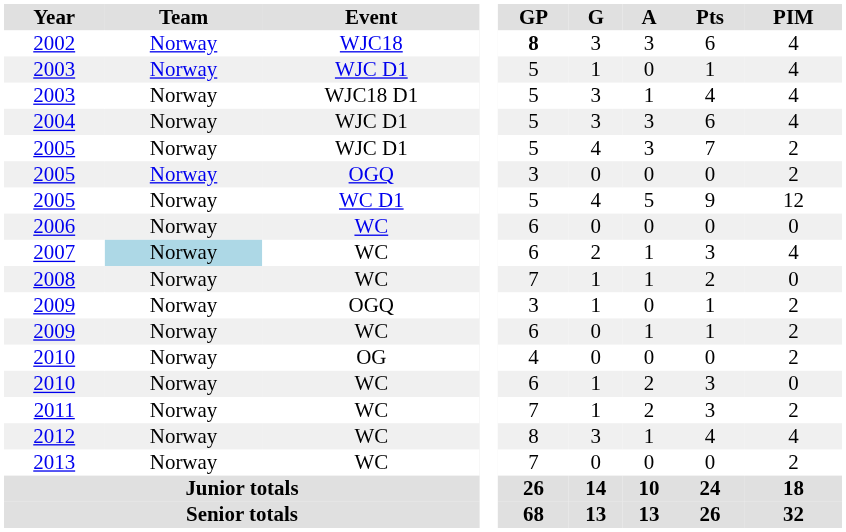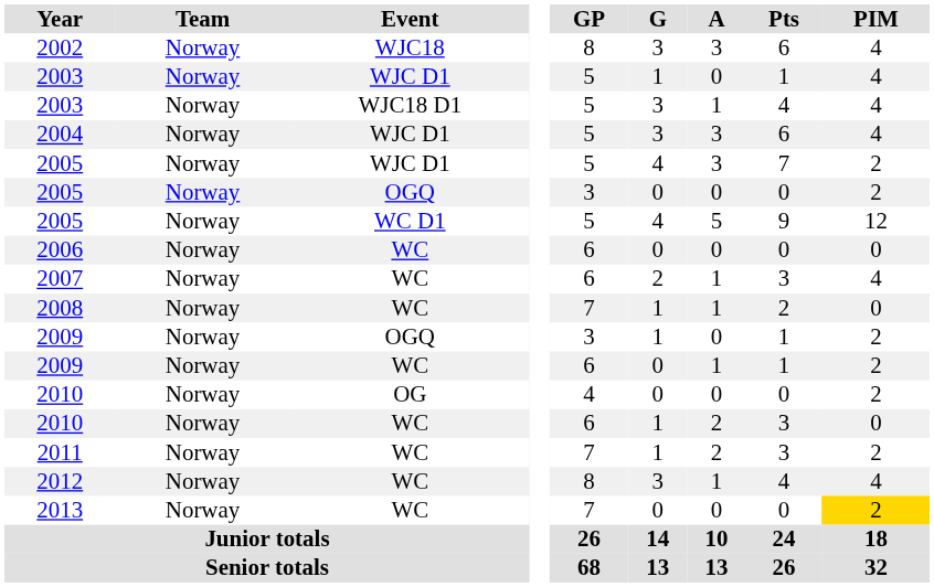 <table border="0" cellpadding="1" cellspacing="0" style="text-align:center; width:40em">
 <tr ALIGN="center" bgcolor="#e0e0e0">
 <th>Year</th>
 <th>Team</th>
 <th>Event</th>
 <th ALIGN="center" rowspan="99" bgcolor="#ffffff"> </th>
 <th>GP</th>
 <th>G</th>
 <th>A</th>
 <th>Pts</th>
 <th>PIM</th>
 </tr>
 <tr>
 <td><a href='#'>2002</a></td>
 <td><a href='#'>Norway</a></td>
 <td><a href='#'>WJC18</a></td>
-<td><strong>8</strong></td>
+<td>8</td>
 <td>3</td>
 <td>3</td>
 <td>6</td>
 <td>4</td>
 </tr>
 <tr bgcolor="#f0f0f0">
 <td><a href='#'>2003</a></td>
 <td><a href='#'>Norway</a></td>
 <td><a href='#'>WJC D1</a></td>
 <td>5</td>
 <td>1</td>
 <td>0</td>
 <td>1</td>
 <td>4</td>
 </tr>
 <tr>
 <td><a href='#'>2003</a></td>
 <td>Norway</td>
 <td>WJC18 D1</td>
 <td>5</td>
 <td>3</td>
 <td>1</td>
 <td>4</td>
 <td>4</td>
 </tr>
 <tr bgcolor="#f0f0f0">
 <td><a href='#'>2004</a></td>
 <td>Norway</td>
 <td>WJC D1</td>
 <td>5</td>
 <td>3</td>
 <td>3</td>
 <td>6</td>
 <td>4</td>
 </tr>
 <tr>
 <td><a href='#'>2005</a></td>
 <td>Norway</td>
 <td>WJC D1</td>
 <td>5</td>
 <td>4</td>
 <td>3</td>
 <td>7</td>
 <td>2</td>
 </tr>
 <tr bgcolor="#f0f0f0">
 <td><a href='#'>2005</a></td>
 <td><a href='#'>Norway</a></td>
 <td><a href='#'>OGQ</a></td>
 <td>3</td>
 <td>0</td>
 <td>0</td>
 <td>0</td>
 <td>2</td>
 </tr>
 <tr>
 <td><a href='#'>2005</a></td>
 <td>Norway</td>
 <td><a href='#'>WC D1</a></td>
 <td>5</td>
 <td>4</td>
 <td>5</td>
 <td>9</td>
 <td>12</td>
 </tr>
 <tr bgcolor="#f0f0f0">
 <td><a href='#'>2006</a></td>
 <td>Norway</td>
 <td><a href='#'>WC</a></td>
 <td>6</td>
 <td>0</td>
 <td>0</td>
 <td>0</td>
 <td>0</td>
 </tr>
 <tr>
 <td><a href='#'>2007</a></td>
-<td style="background: lightblue;">Norway</td>
+<td>Norway</td>
 <td>WC</td>
 <td>6</td>
 <td>2</td>
 <td>1</td>
 <td>3</td>
 <td>4</td>
 </tr>
 <tr bgcolor="#f0f0f0">
 <td><a href='#'>2008</a></td>
 <td>Norway</td>
 <td>WC</td>
 <td>7</td>
 <td>1</td>
 <td>1</td>
 <td>2</td>
 <td>0</td>
 </tr>
 <tr>
 <td><a href='#'>2009</a></td>
 <td>Norway</td>
 <td>OGQ</td>
 <td>3</td>
 <td>1</td>
 <td>0</td>
 <td>1</td>
 <td>2</td>
 </tr>
 <tr bgcolor="#f0f0f0">
 <td><a href='#'>2009</a></td>
 <td>Norway</td>
 <td>WC</td>
 <td>6</td>
 <td>0</td>
 <td>1</td>
 <td>1</td>
 <td>2</td>
 </tr>
 <tr>
 <td><a href='#'>2010</a></td>
 <td>Norway</td>
 <td>OG</td>
 <td>4</td>
 <td>0</td>
 <td>0</td>
 <td>0</td>
 <td>2</td>
 </tr>
 <tr bgcolor="#f0f0f0">
 <td><a href='#'>2010</a></td>
 <td>Norway</td>
 <td>WC</td>
 <td>6</td>
 <td>1</td>
 <td>2</td>
 <td>3</td>
 <td>0</td>
 </tr>
 <tr>
 <td><a href='#'>2011</a></td>
 <td>Norway</td>
 <td>WC</td>
 <td>7</td>
 <td>1</td>
 <td>2</td>
 <td>3</td>
 <td>2</td>
 </tr>
 <tr bgcolor="#f0f0f0">
 <td><a href='#'>2012</a></td>
 <td>Norway</td>
 <td>WC</td>
 <td>8</td>
 <td>3</td>
 <td>1</td>
 <td>4</td>
 <td>4</td>
 </tr>
 <tr>
 <td><a href='#'>2013</a></td>
 <td>Norway</td>
 <td>WC</td>
 <td>7</td>
 <td>0</td>
 <td>0</td>
 <td>0</td>
-<td>2</td>
+<td style="background: gold;">2</td>
 </tr>
 <tr bgcolor="#e0e0e0">
 <th colspan="3">Junior totals</th>
 <th>26</th>
 <th>14</th>
 <th>10</th>
 <th>24</th>
 <th>18</th>
 </tr>
 <tr bgcolor="#e0e0e0">
 <th colspan="3">Senior totals</th>
 <th>68</th>
 <th>13</th>
 <th>13</th>
 <th>26</th>
 <th>32</th>
 </tr>
 </table>
